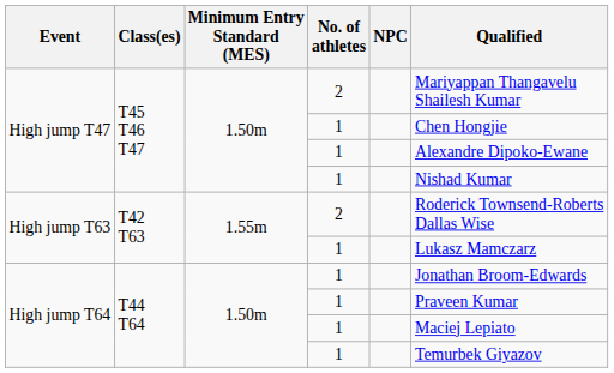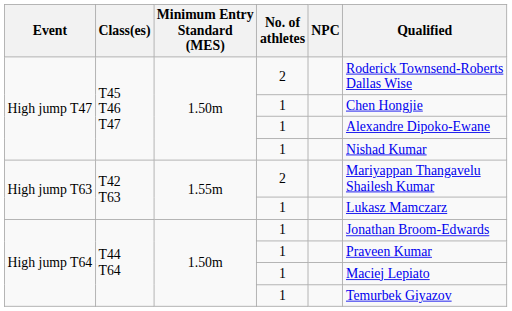 <table class="wikitable">
 <tr>
 <th>Event</th>
 <th>Class(es)</th>
 <th>Minimum Entry<br>Standard<br>(MES)</th>
 <th>No. of<br>athletes</th>
 <th>NPC</th>
 <th>Qualified</th>
 </tr>
 <tr>
 <td rowspan=4>High jump T47</td>
 <td rowspan=4>T45<br>T46<br>T47</td>
 <td rowspan=4 align=center>1.50m</td>
 <td align=center>2</td>
 <td></td>
-<td><a href='#'>Mariyappan Thangavelu</a><br><a href='#'>Shailesh Kumar</a></td>
+<td><a href='#'>Roderick Townsend-Roberts</a><br><a href='#'>Dallas Wise</a></td>
 </tr>
 <tr>
 <td align=center>1</td>
 <td></td>
 <td><a href='#'>Chen Hongjie</a></td>
 </tr>
 <tr>
 <td align=center>1</td>
 <td></td>
 <td><a href='#'>Alexandre Dipoko-Ewane</a></td>
 </tr>
 <tr>
 <td align=center>1</td>
 <td></td>
 <td><a href='#'>Nishad Kumar</a></td>
 </tr>
 <tr>
 <td rowspan=2>High jump T63</td>
 <td rowspan=2>T42<br>T63</td>
 <td rowspan=2 align=center>1.55m</td>
 <td align=center>2</td>
 <td></td>
-<td><a href='#'>Roderick Townsend-Roberts</a><br><a href='#'>Dallas Wise</a></td>
+<td><a href='#'>Mariyappan Thangavelu</a><br><a href='#'>Shailesh Kumar</a></td>
 </tr>
 <tr>
 <td align=center>1</td>
 <td></td>
 <td><a href='#'>Lukasz Mamczarz</a></td>
 </tr>
 <tr>
 <td rowspan=4>High jump T64</td>
 <td rowspan=4>T44<br>T64</td>
 <td rowspan=4 align=center>1.50m</td>
 <td align=center>1</td>
 <td></td>
 <td><a href='#'>Jonathan Broom-Edwards</a></td>
 </tr>
 <tr>
 <td align=center>1</td>
 <td></td>
 <td><a href='#'>Praveen Kumar</a></td>
 </tr>
 <tr>
 <td align=center>1</td>
 <td></td>
 <td><a href='#'>Maciej Lepiato</a></td>
 </tr>
 <tr>
 <td align=center>1</td>
 <td></td>
 <td><a href='#'>Temurbek Giyazov</a></td>
 </tr>
 </table>
